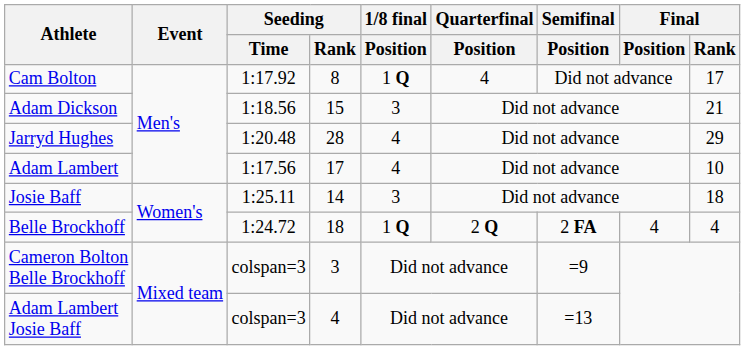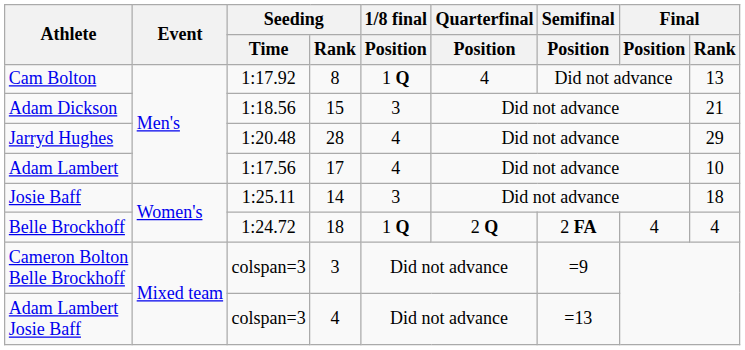 <table class=wikitable style=font-size:90%;text-align:center>
 <tr>
 <th rowspan=2>Athlete</th>
 <th rowspan=2>Event</th>
 <th colspan=2>Seeding</th>
 <th>1/8 final</th>
 <th>Quarterfinal</th>
 <th>Semifinal</th>
 <th colspan=2>Final</th>
 </tr>
 <tr>
 <th>Time</th>
 <th>Rank</th>
 <th>Position</th>
 <th>Position</th>
 <th>Position</th>
 <th>Position</th>
 <th>Rank</th>
 </tr>
 <tr>
 <td align=left><a href='#'>Cam Bolton</a></td>
 <td align=left rowspan=4><a href='#'>Men's</a></td>
 <td>1:17.92</td>
 <td>8</td>
 <td>1 <strong>Q</strong></td>
 <td>4</td>
 <td colspan=2>Did not advance</td>
-<td>17</td>
+<td>13</td>
 </tr>
 <tr>
 <td align=left><a href='#'>Adam Dickson</a></td>
 <td>1:18.56</td>
 <td>15</td>
 <td>3</td>
 <td colspan=3>Did not advance</td>
 <td>21</td>
 </tr>
 <tr>
 <td align=left><a href='#'>Jarryd Hughes</a></td>
 <td>1:20.48</td>
 <td>28</td>
 <td>4</td>
 <td colspan=3>Did not advance</td>
 <td>29</td>
 </tr>
 <tr>
 <td align=left><a href='#'>Adam Lambert</a></td>
 <td>1:17.56</td>
 <td>17</td>
 <td>4</td>
 <td colspan=3>Did not advance</td>
 <td>10</td>
 </tr>
 <tr>
 <td align=left><a href='#'>Josie Baff</a></td>
 <td align=left rowspan=2><a href='#'>Women's</a></td>
 <td>1:25.11</td>
 <td>14</td>
 <td>3</td>
 <td colspan=3>Did not advance</td>
 <td>18</td>
 </tr>
 <tr>
 <td align=left><a href='#'>Belle Brockhoff</a></td>
 <td>1:24.72</td>
 <td>18</td>
 <td>1 <strong>Q</strong></td>
 <td>2 <strong>Q</strong></td>
 <td>2 <strong>FA</strong></td>
 <td>4</td>
 <td>4</td>
 </tr>
 <tr>
 <td align=left><a href='#'>Cameron Bolton</a><br><a href='#'>Belle Brockhoff</a></td>
 <td align=left rowspan=2><a href='#'>Mixed team</a></td>
 <td>colspan=3</td>
 <td>3</td>
 <td colspan=2>Did not advance</td>
 <td>=9</td>
 </tr>
 <tr>
 <td align=left><a href='#'>Adam Lambert</a><br><a href='#'>Josie Baff</a></td>
 <td>colspan=3</td>
 <td>4</td>
 <td colspan=2>Did not advance</td>
 <td>=13</td>
 </tr>
 </table>
